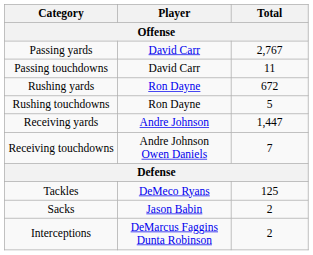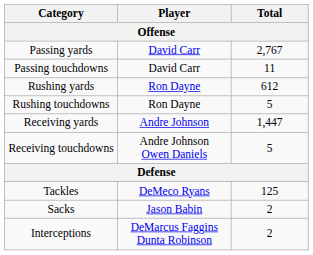 <table class="wikitable" style="text-align:center">
 <tr>
 <th width="150">Category</th>
 <th width="150">Player</th>
 <th width="100">Total</th>
 </tr>
 <tr>
 <th align="center" colspan="4">Offense</th>
 </tr>
 <tr>
 <td>Passing yards</td>
 <td><a href='#'>David Carr</a></td>
 <td>2,767</td>
 </tr>
 <tr>
 <td>Passing touchdowns</td>
 <td>David Carr</td>
 <td>11</td>
 </tr>
 <tr>
 <td>Rushing yards</td>
 <td><a href='#'>Ron Dayne</a></td>
-<td>672</td>
+<td>612</td>
 </tr>
 <tr>
 <td>Rushing touchdowns</td>
 <td>Ron Dayne</td>
 <td>5</td>
 </tr>
 <tr>
 <td>Receiving yards</td>
 <td><a href='#'>Andre Johnson</a></td>
 <td>1,447</td>
 </tr>
 <tr>
 <td>Receiving touchdowns</td>
 <td>Andre Johnson<br><a href='#'>Owen Daniels</a></td>
-<td>7</td>
+<td>5</td>
 </tr>
 <tr>
 <th align="center" colspan="4">Defense</th>
 </tr>
 <tr>
 <td>Tackles </td>
 <td><a href='#'>DeMeco Ryans</a></td>
 <td>125</td>
 </tr>
 <tr>
 <td>Sacks</td>
 <td><a href='#'>Jason Babin</a></td>
 <td>2</td>
 </tr>
 <tr>
 <td>Interceptions</td>
 <td><a href='#'>DeMarcus Faggins</a><br><a href='#'>Dunta Robinson</a></td>
 <td>2</td>
 </tr>
 </table>
